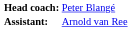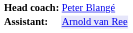 <table>
 <tr>
 <td><strong>Head coach:</strong></td>
 <td><a href='#'>Peter Blangé</a></td>
 </tr>
 <tr>
 <td><strong>Assistant:</strong></td>
-<td><a href='#'>Arnold van Ree</a></td>
+<td style="background: lavender;"><a href='#'>Arnold van Ree</a></td>
 </tr>
 </table>
